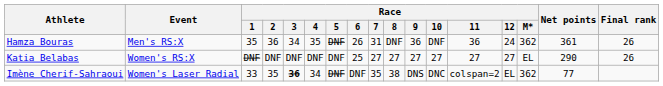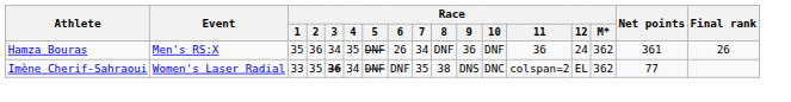 <table class="wikitable" style="font-size:90%">
 <tr>
 <th rowspan="2">Athlete</th>
 <th rowspan="2">Event</th>
 <th colspan=13>Race</th>
 <th rowspan=2>Net points</th>
 <th rowspan=2>Final rank</th>
 </tr>
 <tr style="font-size:95%">
 <th>1</th>
 <th>2</th>
 <th>3</th>
 <th>4</th>
 <th>5</th>
 <th>6</th>
 <th>7</th>
 <th>8</th>
 <th>9</th>
 <th>10</th>
 <th>11</th>
 <th>12</th>
 <th>M*</th>
 </tr>
 <tr align=center>
 <td align=left><a href='#'>Hamza Bouras</a></td>
 <td align=left><a href='#'>Men's RS:X</a></td>
 <td>35</td>
 <td>36</td>
 <td>34</td>
 <td>35</td>
 <td><s>DNF</s></td>
 <td>26</td>
-<td>31</td>
+<td>34</td>
 <td>DNF</td>
 <td>36</td>
 <td>DNF</td>
 <td>36</td>
 <td>24</td>
 <td>362</td>
 <td>361</td>
-<td>26</td>
-</tr>
-<tr align=center>
-<td align=left><a href='#'>Katia Belabas</a></td>
-<td align=left><a href='#'>Women's RS:X</a></td>
-<td><s>DNF</s></td>
-<td>DNF</td>
-<td>DNF</td>
-<td>DNF</td>
-<td>DNF</td>
-<td>25</td>
-<td>27</td>
-<td>27</td>
-<td>27</td>
-<td>27</td>
-<td>27</td>
-<td>27</td>
-<td>EL</td>
-<td>290</td>
 <td>26</td>
 </tr>
 <tr align=center>
 <td align=left><a href='#'>Imène Cherif-Sahraoui</a></td>
 <td align=left><a href='#'>Women's Laser Radial</a></td>
 <td>33</td>
 <td>35</td>
 <td><strong><s>36</s></strong></td>
 <td>34</td>
 <td><s>DNF</s></td>
 <td>DNF</td>
 <td>35</td>
 <td>38</td>
 <td>DNS</td>
 <td>DNC</td>
 <td>colspan=2 </td>
 <td>EL</td>
 <td>362</td>
 <td>77</td>
 </tr>
 </table>
